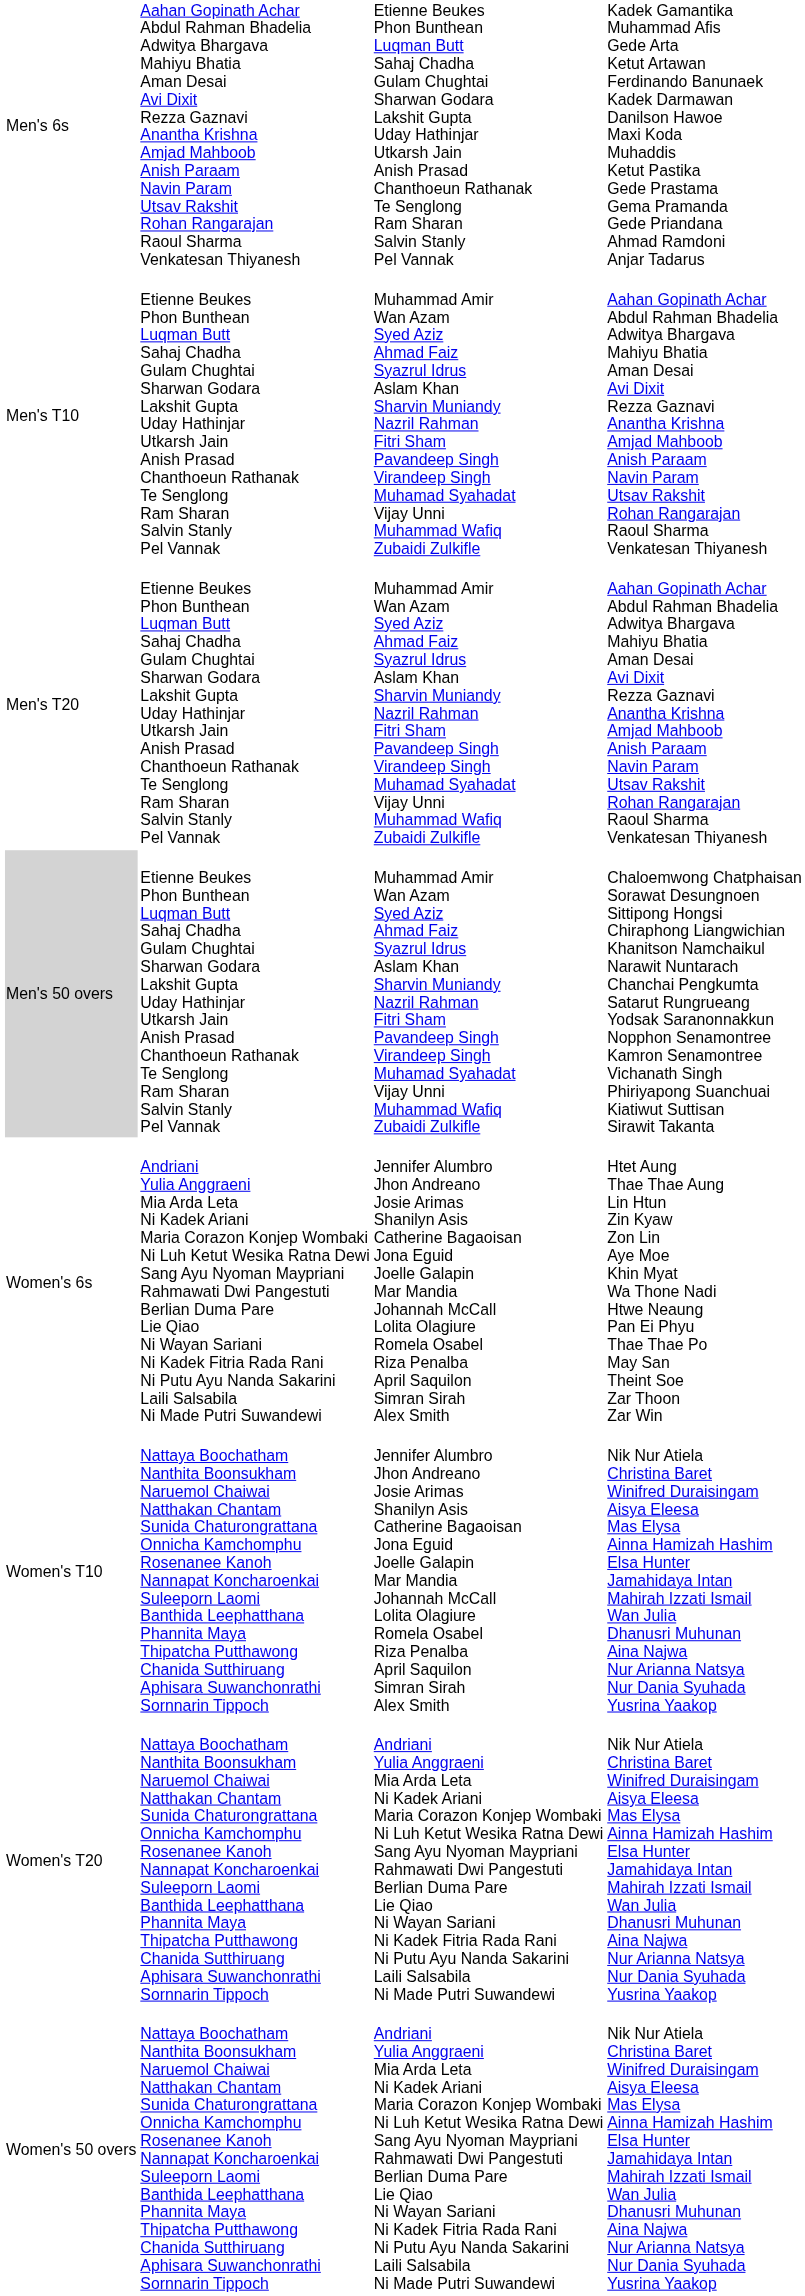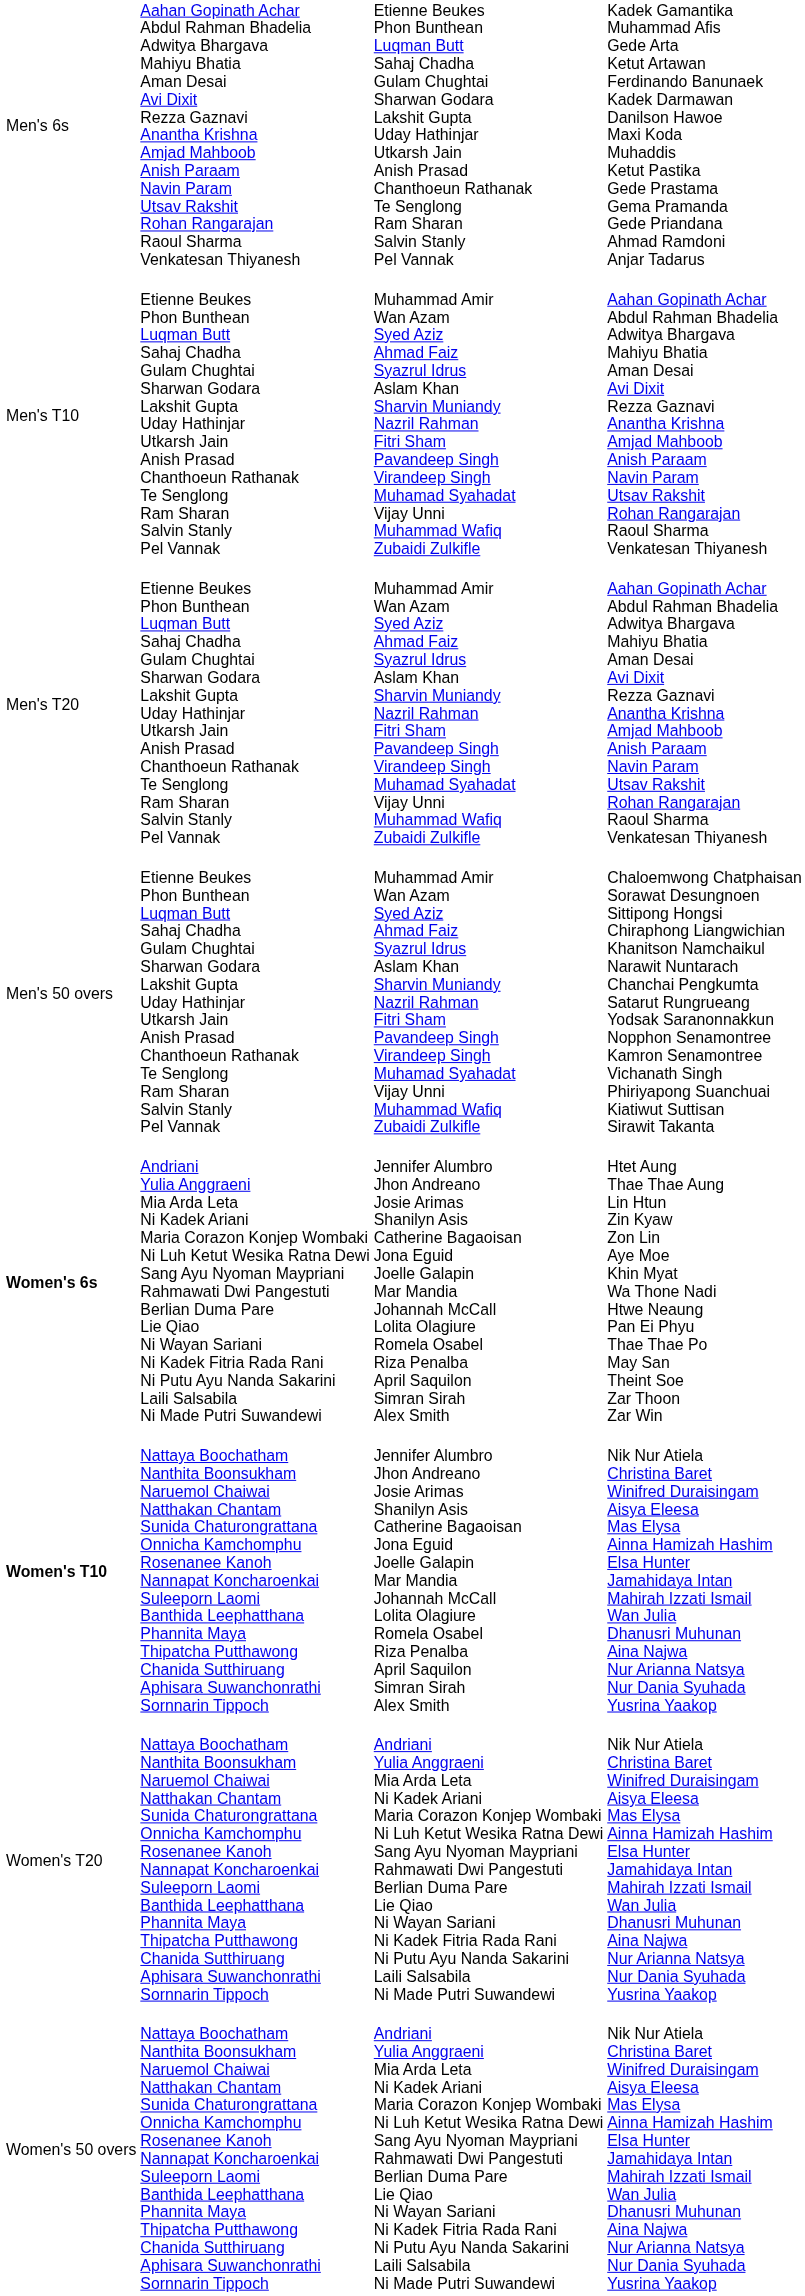 <table>
 <tr>
 <td>Men's 6s<br></td>
 <td nowrap=true valign=top><br><a href='#'>Aahan Gopinath Achar</a><br>Abdul Rahman Bhadelia<br>Adwitya Bhargava<br>Mahiyu Bhatia<br>Aman Desai<br><a href='#'>Avi Dixit</a><br>Rezza Gaznavi<br><a href='#'>Anantha Krishna</a><br><a href='#'>Amjad Mahboob</a><br><a href='#'>Anish Paraam</a><br><a href='#'>Navin Param</a><br><a href='#'>Utsav Rakshit</a><br><a href='#'>Rohan Rangarajan</a><br>Raoul Sharma<br>Venkatesan Thiyanesh</td>
 <td nowrap=true valign=top><br>Etienne Beukes<br>Phon Bunthean<br><a href='#'>Luqman Butt</a><br>Sahaj Chadha <br>Gulam Chughtai<br>Sharwan Godara<br>Lakshit Gupta<br>Uday Hathinjar<br>Utkarsh Jain<br>Anish Prasad<br>Chanthoeun Rathanak<br>Te Senglong<br>Ram Sharan<br>Salvin Stanly<br>Pel Vannak</td>
 <td nowrap=true valign=top><br>Kadek Gamantika<br>Muhammad Afis<br>Gede Arta<br>Ketut Artawan<br>Ferdinando Banunaek<br>Kadek Darmawan<br>Danilson Hawoe<br>Maxi Koda<br>Muhaddis<br>Ketut Pastika<br>Gede Prastama<br>Gema Pramanda<br>Gede Priandana<br>Ahmad Ramdoni<br>Anjar Tadarus</td>
 </tr>
 <tr>
 <td>Men's T10<br></td>
 <td nowrap=true valign=top><br>Etienne Beukes<br>Phon Bunthean<br><a href='#'>Luqman Butt</a><br>Sahaj Chadha <br>Gulam Chughtai<br>Sharwan Godara<br>Lakshit Gupta<br>Uday Hathinjar<br>Utkarsh Jain<br>Anish Prasad<br>Chanthoeun Rathanak<br>Te Senglong<br>Ram Sharan<br>Salvin Stanly<br>Pel Vannak</td>
 <td nowrap=true valign=top><br>Muhammad Amir<br>Wan Azam<br><a href='#'>Syed Aziz</a><br><a href='#'>Ahmad Faiz</a><br><a href='#'>Syazrul Idrus</a><br>Aslam Khan<br><a href='#'>Sharvin Muniandy</a><br><a href='#'>Nazril Rahman</a><br><a href='#'>Fitri Sham</a><br><a href='#'>Pavandeep Singh</a><br><a href='#'>Virandeep Singh</a><br><a href='#'>Muhamad Syahadat</a><br>Vijay Unni<br><a href='#'>Muhammad Wafiq</a><br><a href='#'>Zubaidi Zulkifle</a></td>
 <td nowrap=true valign=top><br><a href='#'>Aahan Gopinath Achar</a><br>Abdul Rahman Bhadelia<br>Adwitya Bhargava<br>Mahiyu Bhatia<br>Aman Desai<br><a href='#'>Avi Dixit</a><br>Rezza Gaznavi<br><a href='#'>Anantha Krishna</a><br><a href='#'>Amjad Mahboob</a><br><a href='#'>Anish Paraam</a><br><a href='#'>Navin Param</a><br><a href='#'>Utsav Rakshit</a><br><a href='#'>Rohan Rangarajan</a><br>Raoul Sharma<br>Venkatesan Thiyanesh</td>
 </tr>
 <tr>
 <td>Men's T20<br></td>
 <td nowrap=true valign=top><br>Etienne Beukes<br>Phon Bunthean<br><a href='#'>Luqman Butt</a><br>Sahaj Chadha <br>Gulam Chughtai<br>Sharwan Godara<br>Lakshit Gupta<br>Uday Hathinjar<br>Utkarsh Jain<br>Anish Prasad<br>Chanthoeun Rathanak<br>Te Senglong<br>Ram Sharan<br>Salvin Stanly<br>Pel Vannak</td>
 <td nowrap=true valign=top><br>Muhammad Amir<br>Wan Azam<br><a href='#'>Syed Aziz</a><br><a href='#'>Ahmad Faiz</a><br><a href='#'>Syazrul Idrus</a><br>Aslam Khan<br><a href='#'>Sharvin Muniandy</a><br><a href='#'>Nazril Rahman</a><br><a href='#'>Fitri Sham</a><br><a href='#'>Pavandeep Singh</a><br><a href='#'>Virandeep Singh</a><br><a href='#'>Muhamad Syahadat</a><br>Vijay Unni<br><a href='#'>Muhammad Wafiq</a><br><a href='#'>Zubaidi Zulkifle</a></td>
 <td nowrap=true valign=top><br><a href='#'>Aahan Gopinath Achar</a><br>Abdul Rahman Bhadelia<br>Adwitya Bhargava<br>Mahiyu Bhatia<br>Aman Desai<br><a href='#'>Avi Dixit</a><br>Rezza Gaznavi<br><a href='#'>Anantha Krishna</a><br><a href='#'>Amjad Mahboob</a><br><a href='#'>Anish Paraam</a><br><a href='#'>Navin Param</a><br><a href='#'>Utsav Rakshit</a><br><a href='#'>Rohan Rangarajan</a><br>Raoul Sharma<br>Venkatesan Thiyanesh</td>
 </tr>
 <tr>
-<td style="background: lightgrey;">Men's 50 overs<br></td>
+<td>Men's 50 overs<br></td>
 <td nowrap=true valign=top><br>Etienne Beukes<br>Phon Bunthean<br><a href='#'>Luqman Butt</a><br>Sahaj Chadha <br>Gulam Chughtai<br>Sharwan Godara<br>Lakshit Gupta<br>Uday Hathinjar<br>Utkarsh Jain<br>Anish Prasad<br>Chanthoeun Rathanak<br>Te Senglong<br>Ram Sharan<br>Salvin Stanly<br>Pel Vannak</td>
 <td nowrap=true valign=top><br>Muhammad Amir<br>Wan Azam<br><a href='#'>Syed Aziz</a><br><a href='#'>Ahmad Faiz</a><br><a href='#'>Syazrul Idrus</a><br>Aslam Khan<br><a href='#'>Sharvin Muniandy</a><br><a href='#'>Nazril Rahman</a><br><a href='#'>Fitri Sham</a><br><a href='#'>Pavandeep Singh</a><br><a href='#'>Virandeep Singh</a><br><a href='#'>Muhamad Syahadat</a><br>Vijay Unni<br><a href='#'>Muhammad Wafiq</a><br><a href='#'>Zubaidi Zulkifle</a></td>
 <td nowrap=true valign=top><br>Chaloemwong Chatphaisan<br>Sorawat Desungnoen<br>Sittipong Hongsi<br>Chiraphong Liangwichian<br>Khanitson Namchaikul<br>Narawit Nuntarach<br>Chanchai Pengkumta<br>Satarut Rungrueang<br>Yodsak Saranonnakkun<br>Nopphon Senamontree<br>Kamron Senamontree<br>Vichanath Singh<br>Phiriyapong Suanchuai<br>Kiatiwut Suttisan<br>Sirawit Takanta</td>
 </tr>
 <tr>
-<td>Women's 6s<br></td>
+<td><strong>Women's 6s<br></strong></td>
 <td nowrap=true valign=top><br><a href='#'>Andriani</a><br><a href='#'>Yulia Anggraeni</a><br>Mia Arda Leta<br>Ni Kadek Ariani<br>Maria Corazon Konjep Wombaki<br>Ni Luh Ketut Wesika Ratna Dewi<br>Sang Ayu Nyoman Maypriani<br>Rahmawati Dwi Pangestuti<br>Berlian Duma Pare<br>Lie Qiao<br>Ni Wayan Sariani<br>Ni Kadek Fitria Rada Rani<br>Ni Putu Ayu Nanda Sakarini<br>Laili Salsabila<br>Ni Made Putri Suwandewi</td>
 <td nowrap=true valign=top><br>Jennifer Alumbro<br>Jhon Andreano<br>Josie Arimas<br>Shanilyn Asis<br>Catherine Bagaoisan<br>Jona Eguid<br>Joelle Galapin<br>Mar Mandia<br>Johannah McCall<br>Lolita Olagiure<br>Romela Osabel<br>Riza Penalba<br>April Saquilon<br>Simran Sirah<br>Alex Smith</td>
 <td nowrap=true valign=top><br>Htet Aung<br>Thae Thae Aung<br>Lin Htun<br>Zin Kyaw<br>Zon Lin<br>Aye Moe<br>Khin Myat<br>Wa Thone Nadi<br>Htwe Neaung<br>Pan Ei Phyu<br>Thae Thae Po<br>May San<br>Theint Soe<br>Zar Thoon<br>Zar Win</td>
 </tr>
 <tr>
-<td>Women's T10<br></td>
+<td><strong>Women's T10<br></strong></td>
 <td nowrap=true valign=top><br><a href='#'>Nattaya Boochatham</a><br><a href='#'>Nanthita Boonsukham</a><br><a href='#'>Naruemol Chaiwai</a><br><a href='#'>Natthakan Chantam</a><br><a href='#'>Sunida Chaturongrattana</a><br><a href='#'>Onnicha Kamchomphu</a><br><a href='#'>Rosenanee Kanoh</a><br><a href='#'>Nannapat Koncharoenkai</a><br><a href='#'>Suleeporn Laomi</a><br><a href='#'>Banthida Leephatthana</a><br><a href='#'>Phannita Maya</a><br><a href='#'>Thipatcha Putthawong</a><br><a href='#'>Chanida Sutthiruang</a><br><a href='#'>Aphisara Suwanchonrathi</a><br><a href='#'>Sornnarin Tippoch</a></td>
 <td nowrap=true valign=top><br>Jennifer Alumbro<br>Jhon Andreano<br>Josie Arimas<br>Shanilyn Asis<br>Catherine Bagaoisan<br>Jona Eguid<br>Joelle Galapin<br>Mar Mandia<br>Johannah McCall<br>Lolita Olagiure<br>Romela Osabel<br>Riza Penalba<br>April Saquilon<br>Simran Sirah<br>Alex Smith</td>
 <td nowrap=true valign=top><br>Nik Nur Atiela<br><a href='#'>Christina Baret</a><br><a href='#'>Winifred Duraisingam</a><br><a href='#'>Aisya Eleesa</a><br><a href='#'>Mas Elysa</a><br><a href='#'>Ainna Hamizah Hashim</a><br><a href='#'>Elsa Hunter</a><br><a href='#'>Jamahidaya Intan</a><br><a href='#'>Mahirah Izzati Ismail</a><br><a href='#'>Wan Julia</a><br><a href='#'>Dhanusri Muhunan</a><br><a href='#'>Aina Najwa</a><br><a href='#'>Nur Arianna Natsya</a><br><a href='#'>Nur Dania Syuhada</a><br><a href='#'>Yusrina Yaakop</a></td>
 </tr>
 <tr>
 <td>Women's T20<br></td>
 <td nowrap=true valign=top><br><a href='#'>Nattaya Boochatham</a><br><a href='#'>Nanthita Boonsukham</a><br><a href='#'>Naruemol Chaiwai</a><br><a href='#'>Natthakan Chantam</a><br><a href='#'>Sunida Chaturongrattana</a><br><a href='#'>Onnicha Kamchomphu</a><br><a href='#'>Rosenanee Kanoh</a><br><a href='#'>Nannapat Koncharoenkai</a><br><a href='#'>Suleeporn Laomi</a><br><a href='#'>Banthida Leephatthana</a><br><a href='#'>Phannita Maya</a><br><a href='#'>Thipatcha Putthawong</a><br><a href='#'>Chanida Sutthiruang</a><br><a href='#'>Aphisara Suwanchonrathi</a><br><a href='#'>Sornnarin Tippoch</a></td>
 <td nowrap=true valign=top><br><a href='#'>Andriani</a><br><a href='#'>Yulia Anggraeni</a><br>Mia Arda Leta<br>Ni Kadek Ariani<br>Maria Corazon Konjep Wombaki<br>Ni Luh Ketut Wesika Ratna Dewi<br>Sang Ayu Nyoman Maypriani<br>Rahmawati Dwi Pangestuti<br>Berlian Duma Pare<br>Lie Qiao<br>Ni Wayan Sariani<br>Ni Kadek Fitria Rada Rani<br>Ni Putu Ayu Nanda Sakarini<br>Laili Salsabila<br>Ni Made Putri Suwandewi</td>
 <td nowrap=true valign=top><br>Nik Nur Atiela<br><a href='#'>Christina Baret</a><br><a href='#'>Winifred Duraisingam</a><br><a href='#'>Aisya Eleesa</a><br><a href='#'>Mas Elysa</a><br><a href='#'>Ainna Hamizah Hashim</a><br><a href='#'>Elsa Hunter</a><br><a href='#'>Jamahidaya Intan</a><br><a href='#'>Mahirah Izzati Ismail</a><br><a href='#'>Wan Julia</a><br><a href='#'>Dhanusri Muhunan</a><br><a href='#'>Aina Najwa</a><br><a href='#'>Nur Arianna Natsya</a><br><a href='#'>Nur Dania Syuhada</a><br><a href='#'>Yusrina Yaakop</a></td>
 </tr>
 <tr>
 <td>Women's 50 overs<br></td>
 <td nowrap=true valign=top><br><a href='#'>Nattaya Boochatham</a><br><a href='#'>Nanthita Boonsukham</a><br><a href='#'>Naruemol Chaiwai</a><br><a href='#'>Natthakan Chantam</a><br><a href='#'>Sunida Chaturongrattana</a><br><a href='#'>Onnicha Kamchomphu</a><br><a href='#'>Rosenanee Kanoh</a><br><a href='#'>Nannapat Koncharoenkai</a><br><a href='#'>Suleeporn Laomi</a><br><a href='#'>Banthida Leephatthana</a><br><a href='#'>Phannita Maya</a><br><a href='#'>Thipatcha Putthawong</a><br><a href='#'>Chanida Sutthiruang</a><br><a href='#'>Aphisara Suwanchonrathi</a><br><a href='#'>Sornnarin Tippoch</a></td>
 <td nowrap=true valign=top><br><a href='#'>Andriani</a><br><a href='#'>Yulia Anggraeni</a><br>Mia Arda Leta<br>Ni Kadek Ariani<br>Maria Corazon Konjep Wombaki<br>Ni Luh Ketut Wesika Ratna Dewi<br>Sang Ayu Nyoman Maypriani<br>Rahmawati Dwi Pangestuti<br>Berlian Duma Pare<br>Lie Qiao<br>Ni Wayan Sariani<br>Ni Kadek Fitria Rada Rani<br>Ni Putu Ayu Nanda Sakarini<br>Laili Salsabila<br>Ni Made Putri Suwandewi</td>
 <td nowrap=true valign=top><br>Nik Nur Atiela<br><a href='#'>Christina Baret</a><br><a href='#'>Winifred Duraisingam</a><br><a href='#'>Aisya Eleesa</a><br><a href='#'>Mas Elysa</a><br><a href='#'>Ainna Hamizah Hashim</a><br><a href='#'>Elsa Hunter</a><br><a href='#'>Jamahidaya Intan</a><br><a href='#'>Mahirah Izzati Ismail</a><br><a href='#'>Wan Julia</a><br><a href='#'>Dhanusri Muhunan</a><br><a href='#'>Aina Najwa</a><br><a href='#'>Nur Arianna Natsya</a><br><a href='#'>Nur Dania Syuhada</a><br><a href='#'>Yusrina Yaakop</a></td>
 </tr>
 </table>
